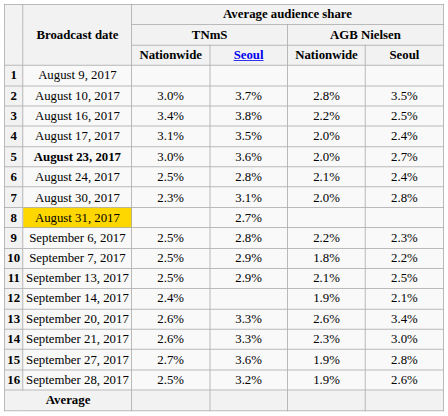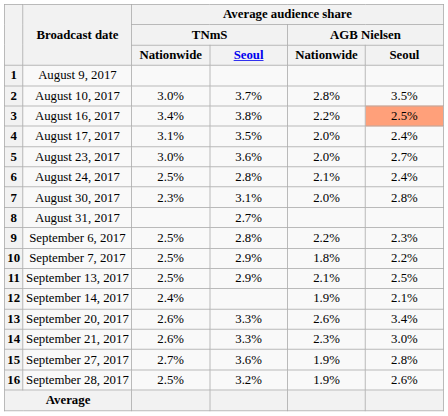 <table class="wikitable" style="text-align:center;">
 <tr>
 <th rowspan="3"></th>
 <th rowspan="3">Broadcast date</th>
 <th colspan="4">Average audience share</th>
 </tr>
 <tr>
 <th colspan="2">TNmS</th>
 <th colspan="2">AGB Nielsen</th>
 </tr>
 <tr>
 <th width="90">Nationwide</th>
 <th width="90"><a href='#'>Seoul</a></th>
 <th width="90">Nationwide</th>
 <th width="90">Seoul</th>
 </tr>
 <tr>
 <th>1</th>
 <td>August 9, 2017</td>
 <td> </td>
 <td> </td>
 <td> </td>
 <td> </td>
 </tr>
 <tr>
 <th>2</th>
 <td>August 10, 2017</td>
 <td>3.0% </td>
 <td>3.7% </td>
 <td>2.8% </td>
 <td>3.5% </td>
 </tr>
 <tr>
 <th>3</th>
 <td>August 16, 2017</td>
 <td>3.4% </td>
 <td>3.8% </td>
 <td>2.2% </td>
-<td>2.5% </td>
+<td style="background: lightsalmon;">2.5% </td>
 </tr>
 <tr>
 <th>4</th>
 <td>August 17, 2017</td>
 <td>3.1% </td>
 <td>3.5% </td>
 <td>2.0% </td>
 <td>2.4% </td>
 </tr>
 <tr>
 <th>5</th>
-<td><strong>August 23, 2017</strong></td>
+<td>August 23, 2017</td>
 <td>3.0% </td>
 <td>3.6% </td>
 <td>2.0% </td>
 <td>2.7% </td>
 </tr>
 <tr>
 <th>6</th>
 <td>August 24, 2017</td>
 <td>2.5% </td>
 <td>2.8% </td>
 <td>2.1% </td>
 <td>2.4% </td>
 </tr>
 <tr>
 <th>7</th>
 <td>August 30, 2017</td>
 <td>2.3% </td>
 <td>3.1% </td>
 <td>2.0% </td>
 <td>2.8% </td>
 </tr>
 <tr>
 <th>8</th>
-<td style="background: gold;">August 31, 2017</td>
+<td>August 31, 2017</td>
 <td> </td>
 <td>2.7% </td>
 <td> </td>
 <td> </td>
 </tr>
 <tr>
 <th>9</th>
 <td>September 6, 2017</td>
 <td>2.5% </td>
 <td>2.8% </td>
 <td>2.2% </td>
 <td>2.3% </td>
 </tr>
 <tr>
 <th>10</th>
 <td>September 7, 2017</td>
 <td>2.5% </td>
 <td>2.9% </td>
 <td>1.8% </td>
 <td>2.2% </td>
 </tr>
 <tr>
 <th>11</th>
 <td>September 13, 2017</td>
 <td>2.5% </td>
 <td>2.9% </td>
 <td>2.1% </td>
 <td>2.5% </td>
 </tr>
 <tr>
 <th>12</th>
 <td>September 14, 2017</td>
 <td>2.4% </td>
 <td> </td>
 <td>1.9% </td>
 <td>2.1% </td>
 </tr>
 <tr>
 <th>13</th>
 <td>September 20, 2017</td>
 <td>2.6% </td>
 <td>3.3% </td>
 <td>2.6% </td>
 <td>3.4% </td>
 </tr>
 <tr>
 <th>14</th>
 <td>September 21, 2017</td>
 <td>2.6% </td>
 <td>3.3% </td>
 <td>2.3% </td>
 <td>3.0% </td>
 </tr>
 <tr>
 <th>15</th>
 <td>September 27, 2017</td>
 <td>2.7% </td>
 <td>3.6% </td>
 <td>1.9% </td>
 <td>2.8% </td>
 </tr>
 <tr>
 <th>16</th>
 <td>September 28, 2017</td>
 <td>2.5% </td>
 <td>3.2% </td>
 <td>1.9% </td>
 <td>2.6% </td>
 </tr>
 <tr>
 <th colspan="2">Average</th>
 <th></th>
 <th></th>
 <th></th>
 <th></th>
 </tr>
 </table>
